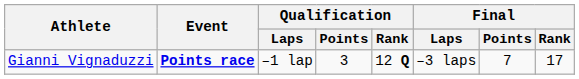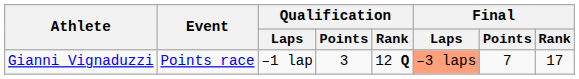 <table class="wikitable" style="font-size:90%">
 <tr>
 <th rowspan=2>Athlete</th>
 <th rowspan=2>Event</th>
 <th colspan=3>Qualification</th>
 <th colspan=3>Final</th>
 </tr>
 <tr style="font-size:95%">
 <th>Laps</th>
 <th>Points</th>
 <th>Rank</th>
 <th>Laps</th>
 <th>Points</th>
 <th>Rank</th>
 </tr>
 <tr align=center>
 <td align=left><a href='#'>Gianni Vignaduzzi</a></td>
-<td align=left><strong><a href='#'>Points race</a></strong></td>
+<td align=left><a href='#'>Points race</a></td>
 <td>–1 lap</td>
 <td>3</td>
 <td>12 <strong>Q</strong></td>
-<td>–3 laps</td>
+<td style="background: lightsalmon;">–3 laps</td>
 <td>7</td>
 <td>17</td>
 </tr>
 </table>
